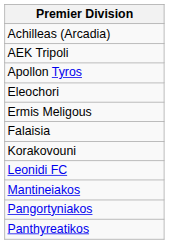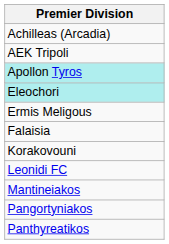 <table class="wikitable" style="text-align:left;margin-left:1em;">
 <tr>
 <th width="200"><strong>Premier Division</strong></th>
 </tr>
 <tr>
 <td>Achilleas (Arcadia)</td>
 </tr>
 <tr>
 <td>AEK Tripoli</td>
 </tr>
 <tr>
-<td>Apollon <a href='#'>Tyros</a></td>
+<td style="background: paleturquoise;">Apollon <a href='#'>Tyros</a></td>
 </tr>
 <tr>
-<td>Eleochori</td>
+<td style="background: paleturquoise;">Eleochori</td>
 </tr>
 <tr>
 <td>Ermis Meligous</td>
 </tr>
 <tr>
 <td>Falaisia</td>
 </tr>
 <tr>
 <td>Korakovouni</td>
 </tr>
 <tr>
 <td><a href='#'>Leonidi FC</a></td>
 </tr>
 <tr>
 <td><a href='#'>Mantineiakos</a></td>
 </tr>
 <tr>
 <td><a href='#'>Pangortyniakos</a></td>
 </tr>
 <tr>
 <td><a href='#'>Panthyreatikos</a></td>
 </tr>
 </table>
